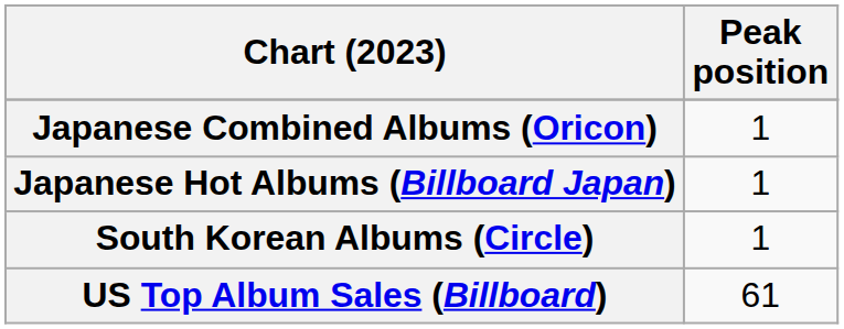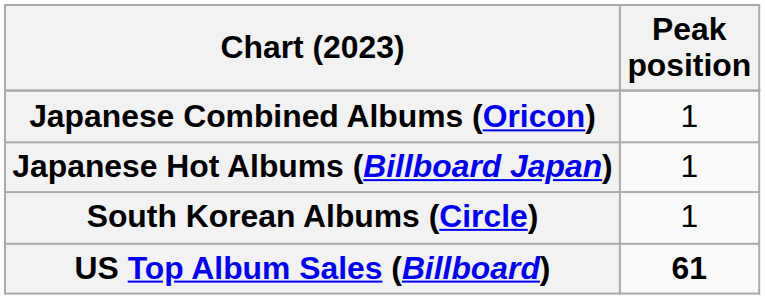 <table class="wikitable sortable plainrowheaders" style="text-align:center;">
 <tr>
 <th scope="col">Chart (2023)</th>
 <th scope="col">Peak<br>position</th>
 </tr>
 <tr>
 </tr>
 <tr>
 <th scope="row">Japanese Combined Albums (<a href='#'>Oricon</a>)</th>
 <td>1</td>
 </tr>
 <tr>
 <th scope="row">Japanese Hot Albums (<em><a href='#'>Billboard Japan</a></em>)</th>
 <td>1</td>
 </tr>
 <tr>
 <th scope="row">South Korean Albums (<a href='#'>Circle</a>)</th>
 <td>1</td>
 </tr>
 <tr>
 <th scope="row">US <a href='#'>Top Album Sales</a> (<em><a href='#'>Billboard</a></em>)</th>
-<td>61</td>
+<td><strong>61</strong></td>
 </tr>
 </table>
